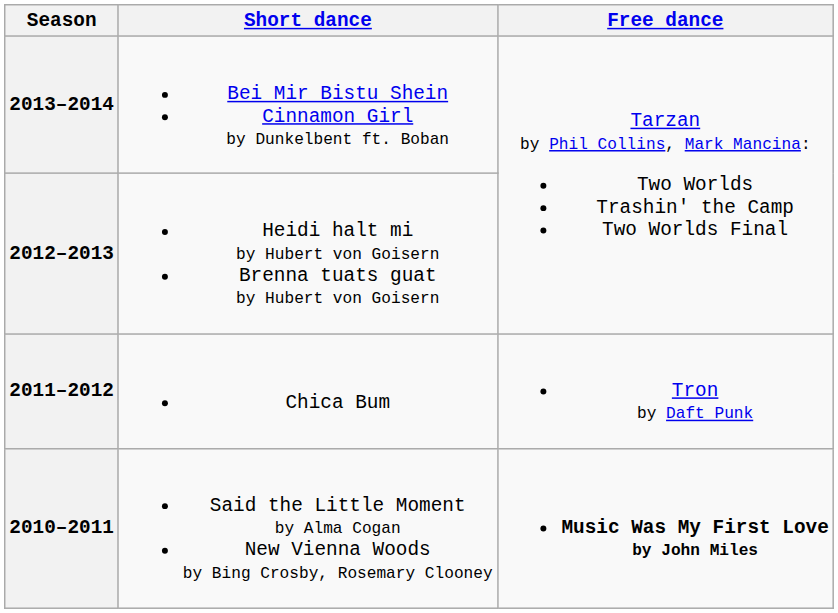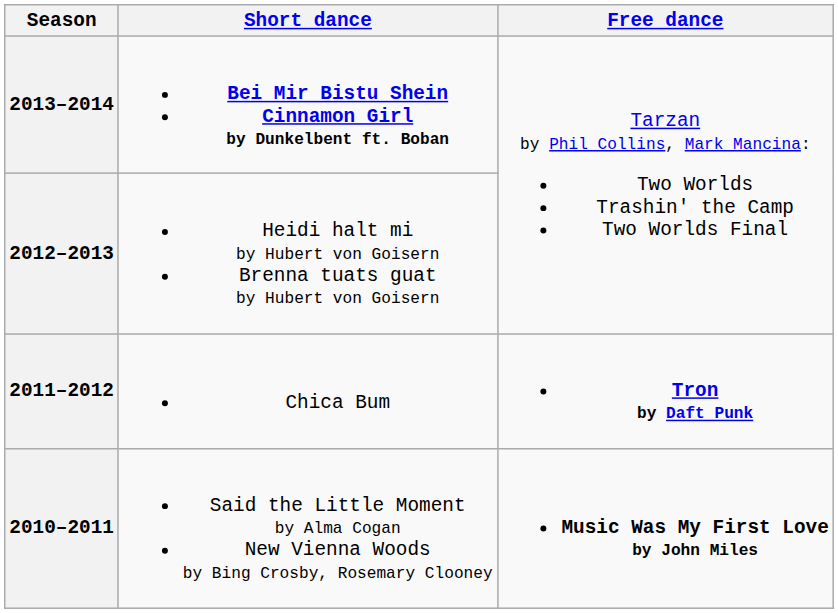 <table class=wikitable style=text-align:center>
 <tr>
 <th>Season</th>
 <th><a href='#'>Short dance</a></th>
 <th><a href='#'>Free dance</a></th>
 </tr>
 <tr>
 <th>2013–2014 <br> </th>
-<td><br><ul><li> <a href='#'>Bei Mir Bistu Shein</a></li><li> <a href='#'>Cinnamon Girl</a> <br><small> by Dunkelbent ft. Boban </small></li></ul></td>
+<td><strong><br><ul><li> <a href='#'>Bei Mir Bistu Shein</a></li><li> <a href='#'>Cinnamon Girl</a> <br><small> by Dunkelbent ft. Boban </small></li></ul></strong></td>
 <td rowspan=2><a href='#'>Tarzan</a> <br><small> by <a href='#'>Phil Collins</a>, <a href='#'>Mark Mancina</a>: </small><br><ul><li>Two Worlds</li><li>Trashin' the Camp</li><li>Two Worlds Final</li></ul></td>
 </tr>
 <tr>
 <th>2012–2013 <br> </th>
 <td><br><ul><li>Heidi halt mi <br><small> by Hubert von Goisern </small></li><li>Brenna tuats guat <br><small> by Hubert von Goisern </small></li></ul></td>
 </tr>
 <tr>
 <th>2011–2012 <br> </th>
 <td><br><ul><li>Chica Bum</li></ul></td>
-<td><br><ul><li><a href='#'>Tron</a> <br><small> by <a href='#'>Daft Punk</a> </small></li></ul></td>
+<td><strong><br><ul><li><a href='#'>Tron</a> <br><small> by <a href='#'>Daft Punk</a> </small></li></ul></strong></td>
 </tr>
 <tr>
 <th>2010–2011 <br> </th>
 <td><br><ul><li>Said the Little Moment <br><small> by Alma Cogan </small></li><li>New Vienna Woods <br><small> by Bing Crosby, Rosemary Clooney </small></li></ul></td>
 <td><strong><br><ul><li>Music Was My First Love <br><small> by John Miles </small></li></ul></strong></td>
 </tr>
 </table>
